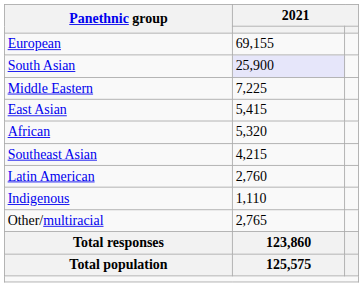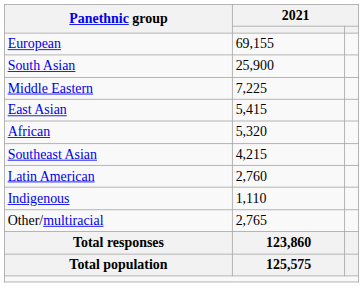 <table class="wikitable collapsible sortable">
 <tr>
 <th rowspan="2"><a href='#'>Panethnic</a> group</th>
 <th colspan="2">2021</th>
 </tr>
 <tr>
 <th><a href='#'></a></th>
 <th></th>
 </tr>
 <tr>
 <td><a href='#'>European</a></td>
 <td>69,155</td>
 <td></td>
 </tr>
 <tr>
 <td><a href='#'>South Asian</a></td>
-<td style="background: lavender;">25,900</td>
+<td>25,900</td>
 <td></td>
 </tr>
 <tr>
 <td><a href='#'>Middle Eastern</a></td>
 <td>7,225</td>
 <td></td>
 </tr>
 <tr>
 <td><a href='#'>East Asian</a></td>
 <td>5,415</td>
 <td></td>
 </tr>
 <tr>
 <td><a href='#'>African</a></td>
 <td>5,320</td>
 <td></td>
 </tr>
 <tr>
 <td><a href='#'>Southeast Asian</a></td>
 <td>4,215</td>
 <td></td>
 </tr>
 <tr>
 <td><a href='#'>Latin American</a></td>
 <td>2,760</td>
 <td></td>
 </tr>
 <tr>
 <td><a href='#'>Indigenous</a></td>
 <td>1,110</td>
 <td></td>
 </tr>
 <tr>
 <td>Other/<a href='#'>multiracial</a></td>
 <td>2,765</td>
 <td></td>
 </tr>
 <tr>
 <th>Total responses</th>
 <th>123,860</th>
 <th></th>
 </tr>
 <tr class="sortbottom">
 <th>Total population</th>
 <th>125,575</th>
 <th></th>
 </tr>
 <tr class="sortbottom">
 <td colspan="15" style="width: 25em;"></td>
 </tr>
 </table>
